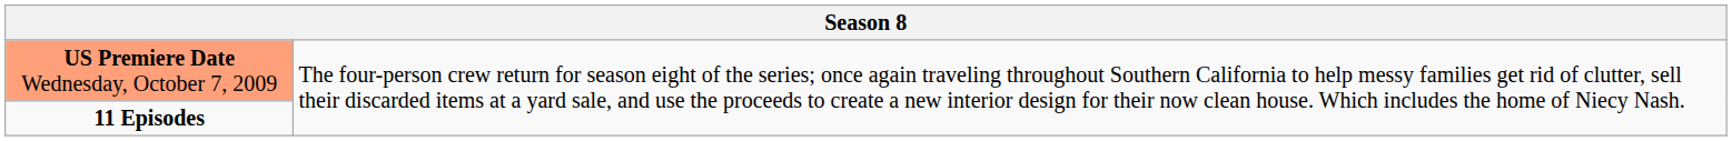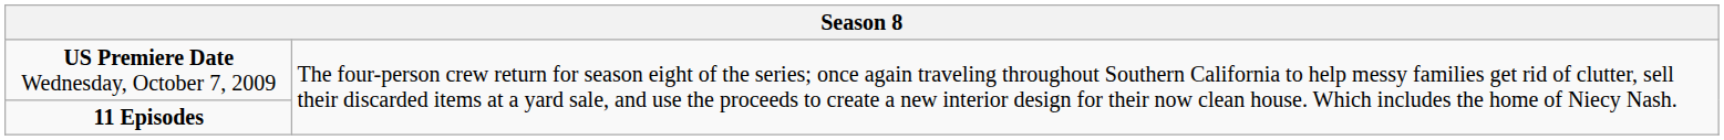 <table class="wikitable" style="width:98%;">
 <tr>
 <th colspan="2">Season 8</th>
 </tr>
 <tr>
-<td style="background: lightsalmon; width:200px; text-align:center;"><strong>US Premiere Date</strong><br>Wednesday, October 7, 2009</td>
+<td style="width:200px; text-align:center;"><strong>US Premiere Date</strong><br>Wednesday, October 7, 2009</td>
 <td rowspan="2">The four-person crew return for season eight of the series; once again traveling throughout Southern California to help messy families get rid of clutter, sell their discarded items at a yard sale, and use the proceeds to create a new interior design for their now clean house. Which includes the home of Niecy Nash.</td>
 </tr>
 <tr>
 <td style="text-align:center;"><strong>11 Episodes</strong></td>
 </tr>
 </table>
